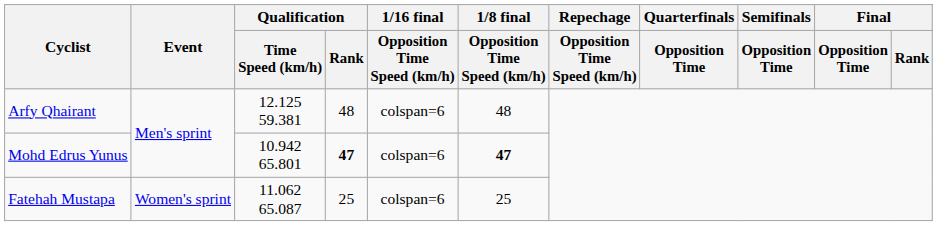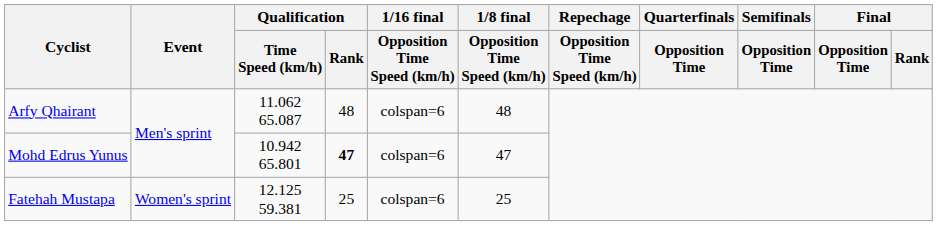 <table class="wikitable" style="font-size:90%">
 <tr>
 <th rowspan=2>Cyclist</th>
 <th rowspan=2>Event</th>
 <th colspan=2>Qualification</th>
 <th>1/16 final</th>
 <th>1/8 final</th>
 <th>Repechage</th>
 <th>Quarterfinals</th>
 <th>Semifinals</th>
 <th colspan=2>Final</th>
 </tr>
 <tr style="font-size:95%">
 <th>Time<br>Speed (km/h)</th>
 <th>Rank</th>
 <th>Opposition<br>Time<br>Speed (km/h)</th>
 <th>Opposition<br>Time<br>Speed (km/h)</th>
 <th>Opposition<br>Time<br>Speed (km/h)</th>
 <th>Opposition<br>Time</th>
 <th>Opposition<br>Time</th>
 <th>Opposition<br>Time</th>
 <th>Rank</th>
 </tr>
 <tr align=center>
 <td align=left><a href='#'>Arfy Qhairant</a></td>
 <td align=left rowspan=2><a href='#'>Men's sprint</a></td>
-<td>12.125<br>59.381</td>
+<td>11.062<br>65.087</td>
 <td>48</td>
 <td>colspan=6 </td>
 <td>48</td>
 </tr>
 <tr align=center>
 <td align=left><a href='#'>Mohd Edrus Yunus</a></td>
 <td>10.942<br>65.801</td>
 <td><strong>47</strong></td>
 <td>colspan=6 </td>
-<td><strong>47</strong></td>
+<td>47</td>
 </tr>
 <tr align=center>
 <td align=left><a href='#'>Fatehah Mustapa</a></td>
 <td align=left><a href='#'>Women's sprint</a></td>
-<td>11.062<br>65.087</td>
+<td>12.125<br>59.381</td>
 <td>25</td>
 <td>colspan=6 </td>
 <td>25</td>
 </tr>
 </table>
